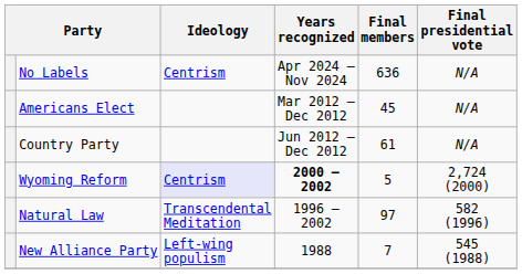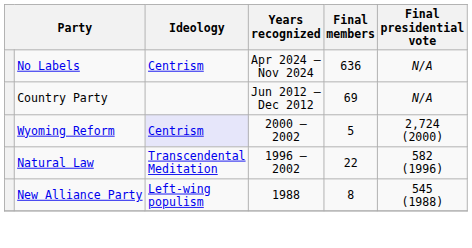 <table class="wikitable sortable">
 <tr>
 <th colspan=2>Party</th>
 <th class=unsortable>Ideology</th>
 <th>Years<br>recognized</th>
 <th>Final<br>members</th>
 <th>Final<br>presidential<br>vote</th>
 </tr>
 <tr>
 <th width=5px style="background-color: "></th>
 <td><a href='#'>No Labels</a></td>
 <td><a href='#'>Centrism</a></td>
 <td style="text-align: center">Apr 2024 –<br>Nov 2024</td>
 <td style="text-align: center">636</td>
 <td style="text-align: center"><em>N/A</em></td>
 </tr>
 <tr>
 <th width=5px style="background-color: "></th>
-<td><a href='#'>Americans Elect</a></td>
-<td></td>
-<td style="text-align: center">Mar 2012 –<br>Dec 2012</td>
-<td style="text-align: center">45</td>
-<td style="text-align: center"><em>N/A</em></td>
-</tr>
-<tr>
-<th width=5px style="background-color: "></th>
 <td>Country Party</td>
 <td></td>
 <td style="text-align: center">Jun 2012 –<br>Dec 2012</td>
-<td style="text-align: center">61</td>
+<td style="text-align: center">69</td>
 <td style="text-align: center"><em>N/A</em></td>
 </tr>
 <tr>
 <th width=5px style="background-color: "></th>
 <td><a href='#'>Wyoming Reform</a></td>
 <td style="background: lavender;"><a href='#'>Centrism</a></td>
-<td style="text-align: center"><strong>2000 –<br>2002</strong></td>
+<td style="text-align: center">2000 –<br>2002</td>
 <td style="text-align: center">5</td>
 <td style="text-align: center">2,724<br>(2000)</td>
 </tr>
 <tr>
 <th width=5px style="background-color: "></th>
 <td><a href='#'>Natural Law</a></td>
 <td><a href='#'>Transcendental<br>Meditation</a></td>
 <td style="text-align: center">1996 –<br>2002</td>
-<td style="text-align: center">97</td>
+<td style="text-align: center">22</td>
 <td style="text-align: center">582<br>(1996)</td>
 </tr>
 <tr>
 <th width=5px style="background-color: "></th>
 <td><a href='#'>New Alliance Party</a></td>
 <td><a href='#'>Left-wing<br>populism</a></td>
 <td style="text-align: center">1988</td>
-<td style="text-align: center">7</td>
+<td style="text-align: center">8</td>
 <td style="text-align: center">545<br>(1988)</td>
 </tr>
 <tr>
 </tr>
 </table>
